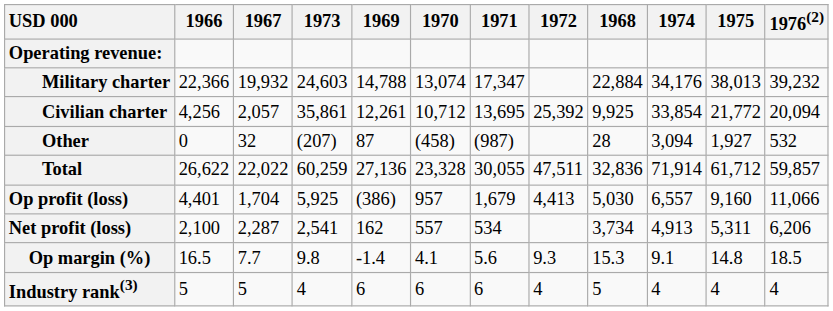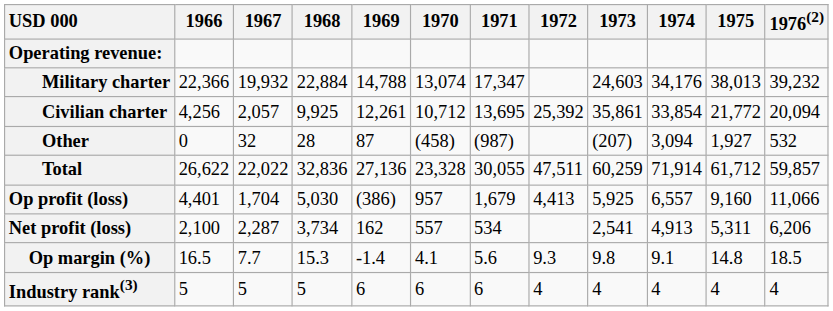 <table class="wikitable plain-row-headers defaultright">
 <tr>
 <th style="text-align: left;">USD 000</th>
 <th>1966</th>
 <th>1967</th>
-<th>1973</th>
+<th>1968</th>
 <th>1969</th>
 <th>1970</th>
 <th>1971</th>
 <th>1972</th>
-<th>1968</th>
+<th>1973</th>
 <th>1974</th>
 <th>1975</th>
 <th>1976<sup>(2)</sup></th>
 </tr>
 <tr>
 <th style="text-align: left;">Operating revenue:</th>
 <td></td>
 <td></td>
 <td></td>
 <td></td>
 <td></td>
 <td></td>
 <td></td>
 <td></td>
 <td></td>
 <td></td>
 <td></td>
 </tr>
 <tr>
 <th style="text-align: left; padding-left: 2em;">Military charter</th>
 <td>22,366</td>
 <td>19,932</td>
-<td>24,603</td>
+<td>22,884</td>
 <td>14,788</td>
 <td>13,074</td>
 <td>17,347</td>
 <td></td>
-<td>22,884</td>
+<td>24,603</td>
 <td>34,176</td>
 <td>38,013</td>
 <td>39,232</td>
 </tr>
 <tr>
 <th style="text-align: left; padding-left: 2em;">Civilian charter</th>
 <td>4,256</td>
 <td>2,057</td>
-<td>35,861</td>
+<td>9,925</td>
 <td>12,261</td>
 <td>10,712</td>
 <td>13,695</td>
 <td>25,392</td>
-<td>9,925</td>
+<td>35,861</td>
 <td>33,854</td>
 <td>21,772</td>
 <td>20,094</td>
 </tr>
 <tr>
 <th style="text-align: left; padding-left: 2em;">Other</th>
 <td>0</td>
 <td>32</td>
-<td>(207)</td>
+<td>28</td>
 <td>87</td>
 <td>(458)</td>
 <td>(987)</td>
 <td></td>
-<td>28</td>
+<td>(207)</td>
 <td>3,094</td>
 <td>1,927</td>
 <td>532</td>
 </tr>
 <tr>
 <th style="text-align: left; padding-left: 2em;">Total</th>
 <td>26,622</td>
 <td>22,022</td>
-<td>60,259</td>
+<td>32,836</td>
 <td>27,136</td>
 <td>23,328</td>
 <td>30,055</td>
 <td>47,511</td>
-<td>32,836</td>
+<td>60,259</td>
 <td>71,914</td>
 <td>61,712</td>
 <td>59,857</td>
 </tr>
 <tr>
 <th style="text-align: left;">Op profit (loss)</th>
 <td>4,401</td>
 <td>1,704</td>
-<td>5,925</td>
+<td>5,030</td>
 <td>(386)</td>
 <td>957</td>
 <td>1,679</td>
 <td>4,413</td>
-<td>5,030</td>
+<td>5,925</td>
 <td>6,557</td>
 <td>9,160</td>
 <td>11,066</td>
 </tr>
 <tr>
 <th style="text-align: left;">Net profit (loss)</th>
 <td>2,100</td>
 <td>2,287</td>
-<td>2,541</td>
+<td>3,734</td>
 <td>162</td>
 <td>557</td>
 <td>534</td>
 <td></td>
-<td>3,734</td>
+<td>2,541</td>
 <td>4,913</td>
 <td>5,311</td>
 <td>6,206</td>
 </tr>
 <tr>
 <th style="text align: left;">Op margin (%)</th>
 <td>16.5</td>
 <td>7.7</td>
-<td>9.8</td>
+<td>15.3</td>
 <td>-1.4</td>
 <td>4.1</td>
 <td>5.6</td>
 <td>9.3</td>
-<td>15.3</td>
+<td>9.8</td>
 <td>9.1</td>
 <td>14.8</td>
 <td>18.5</td>
 </tr>
 <tr>
 <th style="text-align: left;">Industry rank<sup>(3)</sup></th>
 <td>5</td>
 <td>5</td>
-<td>4</td>
+<td>5</td>
 <td>6</td>
 <td>6</td>
 <td>6</td>
 <td>4</td>
-<td>5</td>
+<td>4</td>
 <td>4</td>
 <td>4</td>
 <td>4</td>
 </tr>
 </table>
